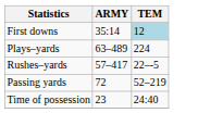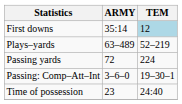 <table class="wikitable" style="float: left;">
 <tr>
 <th>Statistics</th>
 <th>ARMY</th>
 <th>TEM</th>
 </tr>
 <tr>
 <td>First downs</td>
 <td>35:14</td>
 <td style="background: lightblue;">12</td>
 </tr>
 <tr>
 <td>Plays–yards</td>
 <td>63–489</td>
-<td>224</td>
-</tr>
-<tr>
-<td>Rushes–yards</td>
-<td>57–417</td>
-<td>22–-5</td>
+<td>52–219</td>
 </tr>
 <tr>
 <td>Passing yards</td>
 <td>72</td>
-<td>52–219</td>
+<td>224</td>
+</tr>
+<tr>
+<td>Passing: Comp–Att–Int</td>
+<td>3–6–0</td>
+<td>19–30–1</td>
 </tr>
 <tr>
 <td>Time of possession</td>
 <td>23</td>
 <td>24:40</td>
 </tr>
 <tr>
 </tr>
 </table>
